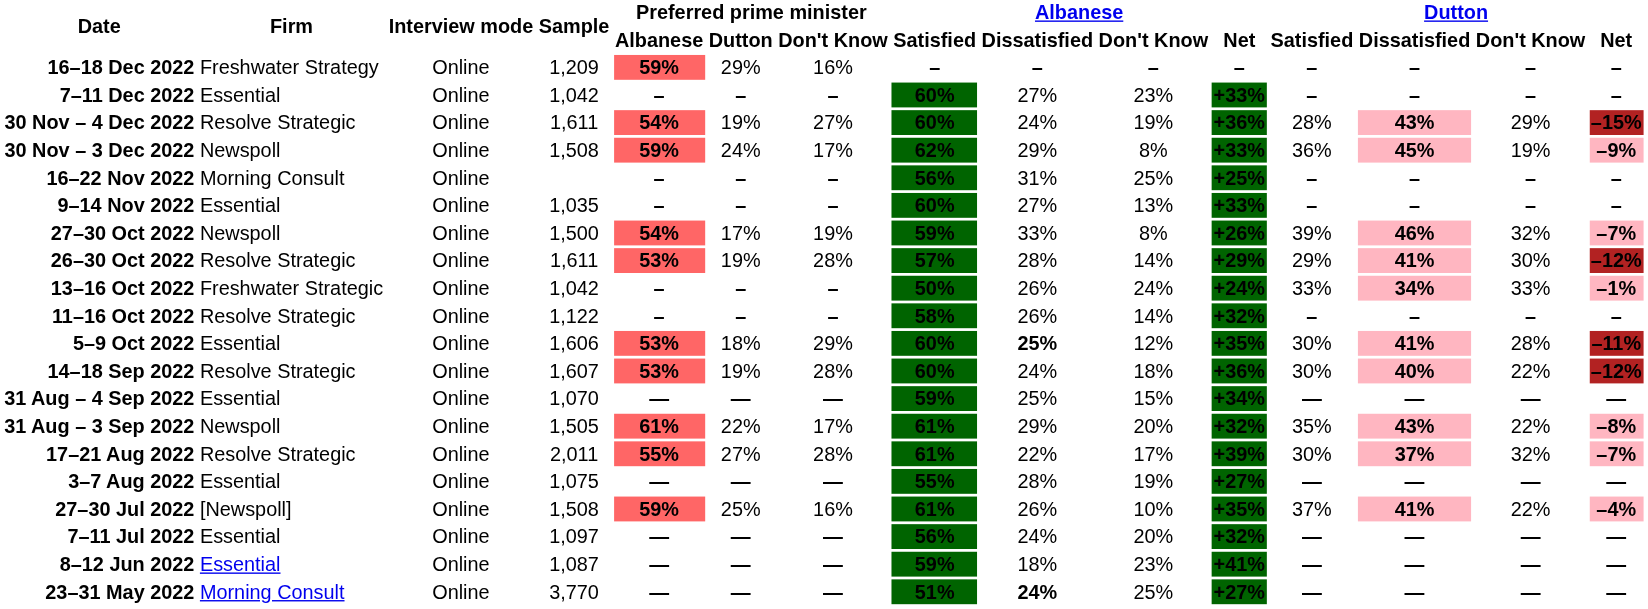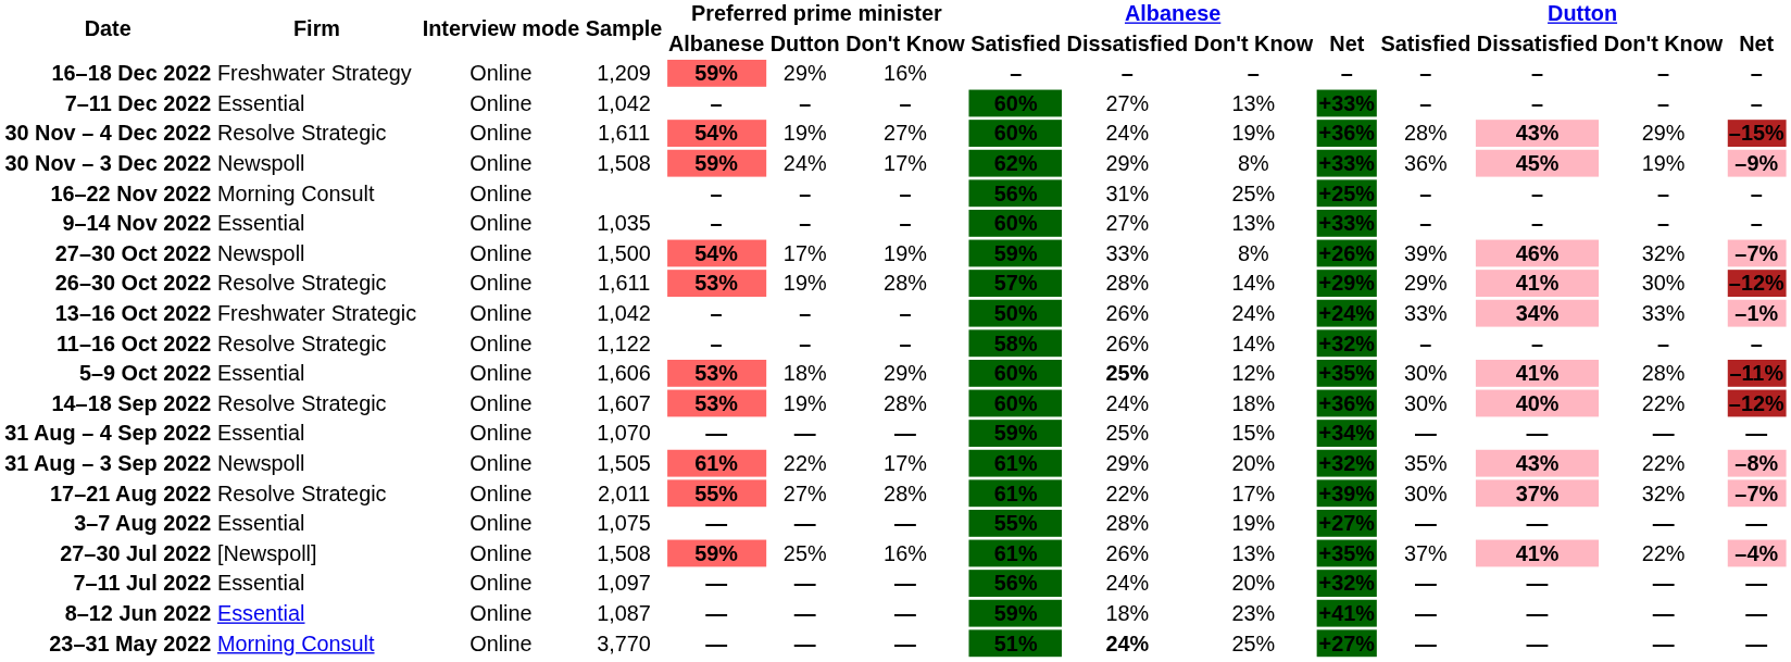 <table class={| class="nowrap wikitable sortable tpl-blanktable" style=text-align:center;font-size:90%>
 <tr>
 <th rowspan=2>Date</th>
 <th rowspan=2>Firm</th>
 <th rowspan=2>Interview mode</th>
 <th rowspan=2 style=max-width:5em>Sample</th>
 <th colspan=3>Preferred prime minister</th>
 <th colspan=4><a href='#'>Albanese</a></th>
 <th colspan=4><a href='#'>Dutton</a></th>
 </tr>
 <tr>
 <th>Albanese</th>
 <th>Dutton</th>
 <th>Don't Know</th>
 <th>Satisfied</th>
 <th>Dissatisfied</th>
 <th>Don't Know</th>
 <th>Net</th>
 <th>Satisfied</th>
 <th>Dissatisfied</th>
 <th>Don't Know</th>
 <th>Net</th>
 </tr>
 <tr>
 <th style="text-align:right">16–18 Dec 2022</th>
 <td style="text-align:left">Freshwater Strategy</td>
 <td>Online</td>
 <td>1,209</td>
 <td style=background:#f66><strong>59%</strong></td>
 <td>29%</td>
 <td>16%</td>
 <th>–</th>
 <th>–</th>
 <th>–</th>
 <th>–</th>
 <th>–</th>
 <th>–</th>
 <th>–</th>
 <th>–</th>
 </tr>
 <tr>
 <th style=text-align:right>7–11 Dec 2022</th>
 <td style="text-align:left">Essential</td>
 <td>Online</td>
 <td>1,042</td>
 <th>–</th>
 <th>–</th>
 <th>–</th>
 <td style="background:DarkGreen"><strong>60%</strong></td>
 <td>27%</td>
-<td>23%</td>
+<td>13%</td>
 <th style="background:DarkGreen">+33%</th>
 <th>–</th>
 <th>–</th>
 <th>–</th>
 <th>–</th>
 </tr>
 <tr>
 <th style=text-align:right>30 Nov – 4 Dec 2022</th>
 <td style="text-align:left">Resolve Strategic</td>
 <td>Online</td>
 <td>1,611</td>
 <td style=background:#f66><strong>54%</strong></td>
 <td>19%</td>
 <td>27%</td>
 <td style=background:DarkGreen><strong>60%</strong></td>
 <td>24%</td>
 <td>19%</td>
 <th style="background:DarkGreen">+36%</th>
 <td>28%</td>
 <td style=background:LightPink><strong>43%</strong></td>
 <td>29%</td>
 <td style="background:FireBrick"><strong>–15%</strong></td>
 </tr>
 <tr>
 <th style=text-align:right>30 Nov – 3 Dec 2022</th>
 <td style="text-align:left">Newspoll</td>
 <td>Online</td>
 <td>1,508</td>
 <td style=background:#f66><strong>59%</strong></td>
 <td>24%</td>
 <td>17%</td>
 <td style=background:DarkGreen><strong>62%</strong></td>
 <td>29%</td>
 <td>8%</td>
 <th style="background:DarkGreen">+33%</th>
 <td>36%</td>
 <td style=background:LightPink><strong>45%</strong></td>
 <td>19%</td>
 <td style="background:LightPink"><strong>–9%</strong></td>
 </tr>
 <tr>
 <th style=text-align:right>16–22 Nov 2022</th>
 <td style="text-align:left">Morning Consult</td>
 <td>Online</td>
 <td></td>
 <th>–</th>
 <th>–</th>
 <th>–</th>
 <td style='background:DarkGreen'><strong>56%</strong></td>
 <td>31%</td>
 <td>25%</td>
 <th style="background:DarkGreen">+25%</th>
 <th>–</th>
 <th>–</th>
 <th>–</th>
 <th>–</th>
 </tr>
 <tr>
 <th style=text-align:right>9–14 Nov 2022</th>
 <td style="text-align:left">Essential</td>
 <td>Online</td>
 <td>1,035</td>
 <th>–</th>
 <th>–</th>
 <th>–</th>
 <td style='background:DarkGreen'><strong>60%</strong></td>
 <td>27%</td>
 <td>13%</td>
 <th style="background:DarkGreen">+33%</th>
 <th>–</th>
 <th>–</th>
 <th>–</th>
 <th>–</th>
 </tr>
 <tr>
 <th style=text-align:right>27–30 Oct 2022</th>
 <td style="text-align:left;">Newspoll</td>
 <td>Online</td>
 <td>1,500</td>
 <td style=background:#f66><strong>54%</strong></td>
 <td>17%</td>
 <td>19%</td>
 <td style="background:DarkGreen"><strong>59%</strong></td>
 <td>33%</td>
 <td>8%</td>
 <th style="background:DarkGreen">+26%</th>
 <td>39%</td>
 <td style=background:LightPink><strong>46%</strong></td>
 <td>32%</td>
 <td style="background:LightPink"><strong>–7%</strong></td>
 </tr>
 <tr>
 <th style=text-align:right>26–30 Oct 2022</th>
 <td style="text-align:left">Resolve Strategic</td>
 <td>Online</td>
 <td>1,611</td>
 <td style=background:#f66><strong>53%</strong></td>
 <td>19%</td>
 <td>28%</td>
 <td style='background:DarkGreen'><strong>57%</strong></td>
 <td>28%</td>
 <td>14%</td>
 <th style="background:DarkGreen">+29%</th>
 <td>29%</td>
 <td style=background:LightPink><strong>41%</strong></td>
 <td>30%</td>
 <td style="background:FireBrick"><strong>–12%</strong></td>
 </tr>
 <tr>
 <th style=text-align:right>13–16 Oct 2022</th>
 <td style="text-align:left;">Freshwater Strategic</td>
 <td>Online</td>
 <td>1,042</td>
 <th>–</th>
 <th>–</th>
 <th>–</th>
 <td style=background:DarkGreen><strong>50%</strong></td>
 <td>26%</td>
 <td>24%</td>
 <th style="background:DarkGreen">+24%</th>
 <td>33%</td>
 <td style="background:LightPink"><strong>34%</strong></td>
 <td>33%</td>
 <th style="background:LightPink">–1%</th>
 </tr>
 <tr>
 <th style=text-align:right>11–16 Oct 2022</th>
 <td style="text-align:left;">Resolve Strategic</td>
 <td>Online</td>
 <td>1,122</td>
 <th>–</th>
 <th>–</th>
 <th>–</th>
 <td style=background:DarkGreen><strong>58%</strong></td>
 <td>26%</td>
 <td>14%</td>
 <th style="background:DarkGreen">+32%</th>
 <th>–</th>
 <th>–</th>
 <th>–</th>
 <th>–</th>
 </tr>
 <tr>
 <th style=text-align:right>5–9 Oct 2022</th>
 <td style="text-align:left;">Essential</td>
 <td>Online</td>
 <td>1,606</td>
 <td style=background:#f66><strong>53%</strong></td>
 <td>18%</td>
 <td>29%</td>
 <td style=background:DarkGreen><strong>60%</strong></td>
 <td><strong>25%</strong></td>
 <td>12%</td>
 <th style="background:DarkGreen">+35%</th>
 <td>30%</td>
 <td style=background:LightPink><strong>41%</strong></td>
 <td>28%</td>
 <th style="background:FireBrick">–11%</th>
 </tr>
 <tr>
 <th style=text-align:right data-sort-value=18-September-2022>14–18 Sep 2022</th>
 <td style="text-align:left;">Resolve Strategic</td>
 <td>Online</td>
 <td>1,607</td>
 <td style=background:#f66><strong>53%</strong></td>
 <td>19%</td>
 <td>28%</td>
 <td style="background:DarkGreen"><strong>60%</strong></td>
 <td>24%</td>
 <td>18%</td>
 <th style="background:DarkGreen">+36%</th>
 <td>30%</td>
 <td style=background:LightPink><strong>40%</strong></td>
 <td>22%</td>
 <th style="background:FireBrick">–12%</th>
 </tr>
 <tr>
 <th style=text-align:right data-sort-value=06-September-2022>31 Aug – 4 Sep 2022</th>
 <td style="text-align:left;">Essential</td>
 <td>Online</td>
 <td>1,070</td>
 <th>—</th>
 <th>—</th>
 <th>—</th>
 <td style=background:DarkGreen><strong>59%</strong></td>
 <td>25%</td>
 <td>15%</td>
 <th style="background:DarkGreen">+34%</th>
 <th>—</th>
 <th>—</th>
 <th>—</th>
 <th>—</th>
 </tr>
 <tr>
 <th style=text-align:right data-sort-value=03-September-2022>31 Aug – 3 Sep 2022</th>
 <td style="text-align:left;">Newspoll</td>
 <td>Online</td>
 <td>1,505</td>
 <td style=background:#f66><strong>61%</strong></td>
 <td>22%</td>
 <td>17%</td>
 <td style="background:DarkGreen"><strong>61%</strong></td>
 <td>29%</td>
 <td>20%</td>
 <th style="background:DarkGreen">+32%</th>
 <td>35%</td>
 <td style=background:LightPink><strong>43%</strong></td>
 <td>22%</td>
 <th style="background:LightPink">–8%</th>
 </tr>
 <tr>
 <th style=text-align:right data-sort-value=22-August-2022>17–21 Aug 2022</th>
 <td style="text-align:left;">Resolve Strategic</td>
 <td>Online</td>
 <td>2,011</td>
 <td style=background:#f66><strong>55%</strong></td>
 <td>27%</td>
 <td>28%</td>
 <td style="background:DarkGreen"><strong>61%</strong></td>
 <td>22%</td>
 <td>17%</td>
 <th style="background:DarkGreen">+39%</th>
 <td>30%</td>
 <td style=background:LightPink><strong>37%</strong></td>
 <td>32%</td>
 <th style="background:LightPink">–7%</th>
 </tr>
 <tr>
 <th style=text-align:right data-sort-value=09-August-2022>3–7 Aug 2022</th>
 <td style="text-align:left;">Essential</td>
 <td>Online</td>
 <td>1,075</td>
 <th>—</th>
 <th>—</th>
 <th>—</th>
 <td style="background:DarkGreen"><strong>55%</strong></td>
 <td>28%</td>
 <td>19%</td>
 <th style="background:DarkGreen">+27%</th>
 <th>—</th>
 <th>—</th>
 <th>—</th>
 <th>—</th>
 </tr>
 <tr>
 <th style=text-align:right data-sort-value=15-June-2022>27–30 Jul 2022</th>
 <td style="text-align:left;">[Newspoll]</td>
 <td>Online</td>
 <td>1,508</td>
 <td style=background:#f66><strong>59%</strong></td>
 <td>25%</td>
 <td>16%</td>
 <td style=background:DarkGreen><strong>61%</strong></td>
 <td>26%</td>
-<td>10%</td>
+<td>13%</td>
 <th style="background:DarkGreen">+35%</th>
 <td>37%</td>
 <td style=background:LightPink><strong>41%</strong></td>
 <td>22%</td>
 <th style="background:LightPink">–4%</th>
 </tr>
 <tr>
 <th style=text-align:right data-sort-value=11-July-2022>7–11 Jul 2022</th>
 <td style="text-align:left;">Essential</td>
 <td>Online</td>
 <td>1,097</td>
 <th>—</th>
 <th>—</th>
 <th>—</th>
 <td style="background:DarkGreen"><strong>56%</strong></td>
 <td>24%</td>
 <td>20%</td>
 <th style="background:DarkGreen">+32%</th>
 <th>—</th>
 <th>—</th>
 <th>—</th>
 <th>—</th>
 </tr>
 <tr>
 <th style=text-align:right data-sort-value=15-June-2022>8–12 Jun 2022</th>
 <td style="text-align:left;"><a href='#'>Essential</a></td>
 <td>Online</td>
 <td>1,087</td>
 <th>—</th>
 <th>—</th>
 <th>—</th>
 <td style="background:DarkGreen"><strong>59%</strong></td>
 <td>18%</td>
 <td>23%</td>
 <th style="background:DarkGreen">+41%</th>
 <th>—</th>
 <th>—</th>
 <th>—</th>
 <th>—</th>
 </tr>
 <tr>
 <th style=text-align:right data-sort-value=31-May-2022>23–31 May 2022</th>
 <td style="text-align:left;"><a href='#'>Morning Consult</a></td>
 <td>Online</td>
 <td>3,770</td>
 <th>—</th>
 <th>—</th>
 <th>—</th>
 <td style=background:DarkGreen><strong>51%</strong></td>
 <td><strong>24%</strong></td>
 <td>25%</td>
 <th style="background:DarkGreen">+27%</th>
 <th>—</th>
 <th>—</th>
 <th>—</th>
 <th>—</th>
 </tr>
 </table>
